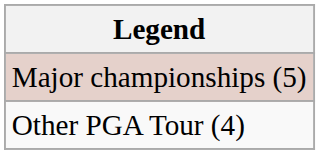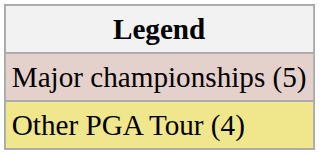 <table class="wikitable" style="font-size:95%;">
 <tr>
 <th>Legend</th>
 </tr>
 <tr style="background:#e5d1cb;">
 <td>Major championships (5)</td>
 </tr>
 <tr>
-<td>Other PGA Tour (4)</td>
+<td style="background: khaki;">Other PGA Tour (4)</td>
 </tr>
 </table>
